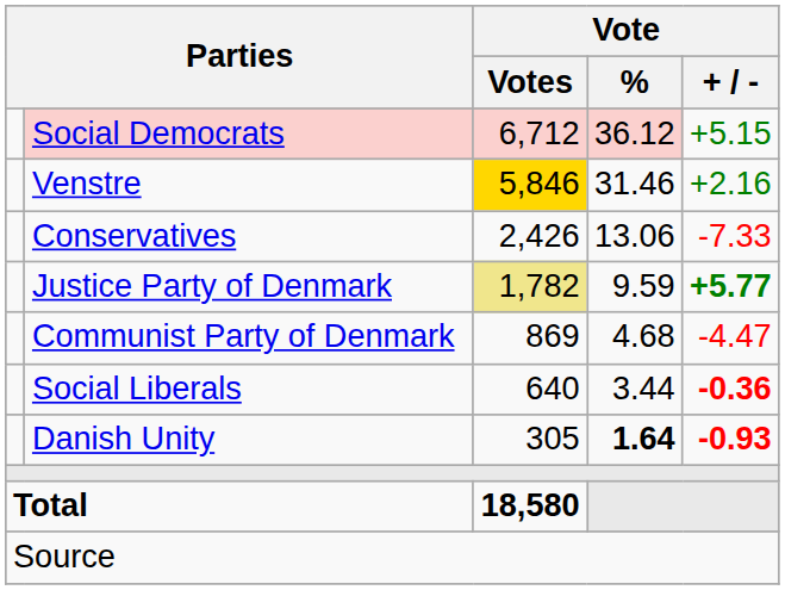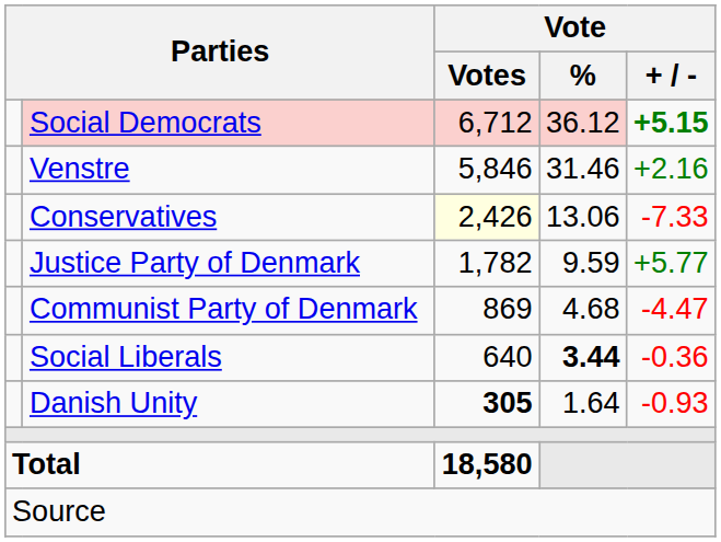 <table class="wikitable" style="text-align:right;">
 <tr>
 <th style="text-align:centre;" rowspan="2" colspan="2" width="225">Parties</th>
 <th colspan="3">Vote</th>
 </tr>
 <tr>
 <th width="15">Votes</th>
 <th width="15">%</th>
 <th width="15">+ / -</th>
 </tr>
 <tr>
 <td width="2" style="color:inherit;background:"></td>
 <td bgcolor=#fbd0ce  align="left"><a href='#'>Social Democrats</a></td>
 <td bgcolor=#fbd0ce>6,712</td>
 <td bgcolor=#fbd0ce>36.12</td>
-<td style=color:green;>+5.15</td>
+<td style=color:green;><strong>+5.15</strong></td>
 </tr>
 <tr>
 <td width="2" style="color:inherit;background:"></td>
 <td align="left"><a href='#'>Venstre</a></td>
-<td style="background: gold;">5,846</td>
+<td>5,846</td>
 <td>31.46</td>
 <td style=color:green;>+2.16</td>
 </tr>
 <tr>
 <td width="2" style="color:inherit;background:"></td>
 <td align="left"><a href='#'>Conservatives</a></td>
-<td>2,426</td>
+<td style="background: lightyellow;">2,426</td>
 <td>13.06</td>
 <td style=color:red;>-7.33</td>
 </tr>
 <tr>
 <td width="2" style="color:inherit;background:"></td>
 <td align="left"><a href='#'>Justice Party of Denmark</a></td>
-<td style="background: khaki;">1,782</td>
+<td>1,782</td>
 <td>9.59</td>
-<td style=color:green;><strong>+5.77</strong></td>
+<td style=color:green;>+5.77</td>
 </tr>
 <tr>
 <td width="2" style="color:inherit;background:"></td>
 <td align="left"><a href='#'>Communist Party of Denmark</a></td>
 <td>869</td>
 <td>4.68</td>
 <td style=color:red;>-4.47</td>
 </tr>
 <tr>
 <td width="2" style="color:inherit;background:"></td>
 <td align="left"><a href='#'>Social Liberals</a></td>
 <td>640</td>
-<td>3.44</td>
-<td style=color:red;><strong>-0.36</strong></td>
+<td><strong>3.44</strong></td>
+<td style=color:red;>-0.36</td>
 </tr>
 <tr>
 <td width="2" style="color:inherit;background:"></td>
 <td align="left"><a href='#'>Danish Unity</a></td>
-<td>305</td>
-<td><strong>1.64</strong></td>
-<td style=color:red;><strong>-0.93</strong></td>
+<td><strong>305</strong></td>
+<td>1.64</td>
+<td style=color:red;>-0.93</td>
 </tr>
 <tr>
 <td colspan="7" bgcolor="#E9E9E9"></td>
 </tr>
 <tr>
 <td align="left" colspan="2"><strong>Total</strong></td>
 <td><strong>18,580</strong></td>
 <td bgcolor="#E9E9E9" colspan="2"></td>
 </tr>
 <tr>
 <td align="left" colspan="6">Source</td>
 </tr>
 </table>
